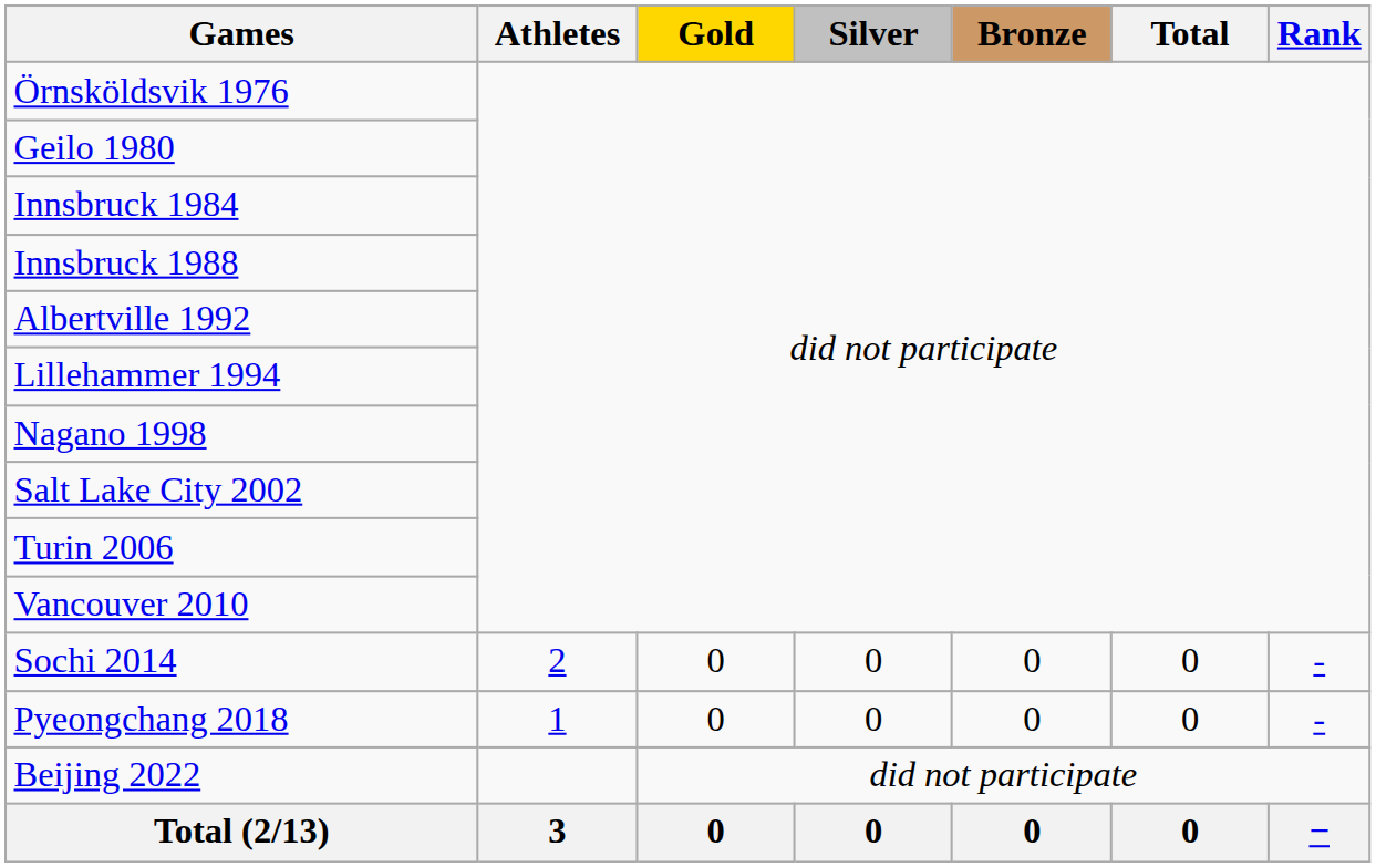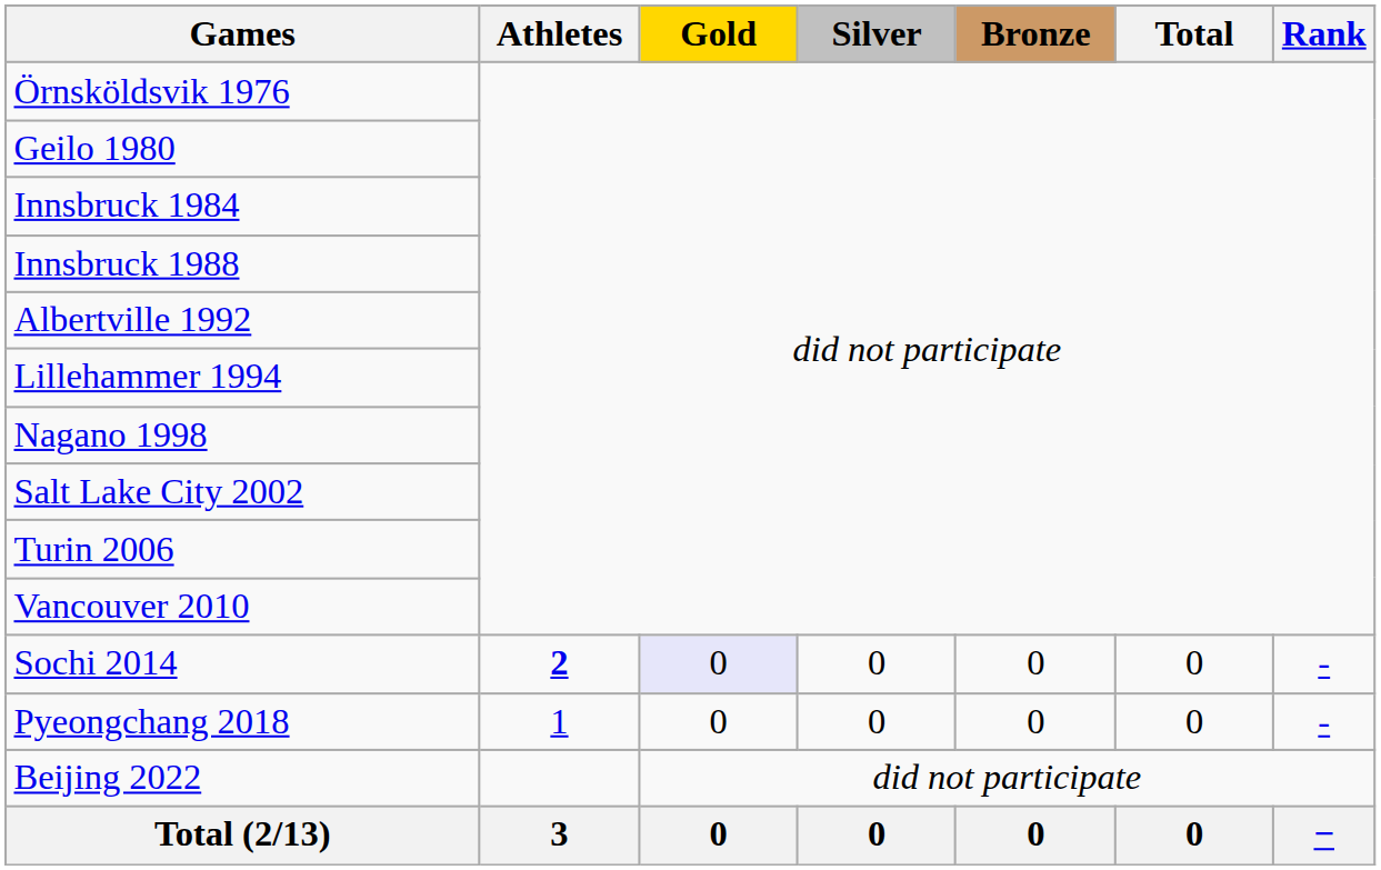 <table class="wikitable sortable" style="text-align:center; font-size:100%;">
 <tr>
 <th style="width:13em;">Games</th>
 <th style="width:4em;">Athletes</th>
 <th style="width:4em; background:gold;">Gold</th>
 <th style="width:4em; background:silver;">Silver</th>
 <th style="width:4em; background:#cc9966;">Bronze</th>
 <th style="width:4em;">Total</th>
 <th style="width:2em;"><a href='#'>Rank</a></th>
 </tr>
 <tr>
 <td align=left> <a href='#'>Örnsköldsvik 1976</a></td>
 <td colspan=6 rowspan=10><em>did not participate</em></td>
 </tr>
 <tr>
 <td align=left> <a href='#'>Geilo 1980</a></td>
 </tr>
 <tr>
 <td align=left> <a href='#'>Innsbruck 1984</a></td>
 </tr>
 <tr>
 <td align=left> <a href='#'>Innsbruck 1988</a></td>
 </tr>
 <tr>
 <td align=left> <a href='#'>Albertville 1992</a></td>
 </tr>
 <tr>
 <td align=left> <a href='#'>Lillehammer 1994</a></td>
 </tr>
 <tr>
 <td align=left> <a href='#'>Nagano 1998</a></td>
 </tr>
 <tr>
 <td align=left> <a href='#'>Salt Lake City 2002</a></td>
 </tr>
 <tr>
 <td align=left> <a href='#'>Turin 2006</a></td>
 </tr>
 <tr>
 <td align=left> <a href='#'>Vancouver 2010</a></td>
 </tr>
 <tr>
 <td align=left> <a href='#'>Sochi 2014</a></td>
-<td><a href='#'>2</a></td>
-<td>0</td>
+<td><strong><a href='#'>2</a></strong></td>
+<td style="background: lavender;">0</td>
 <td>0</td>
 <td>0</td>
 <td>0</td>
 <td><a href='#'>-</a></td>
 </tr>
 <tr>
 <td align=left> <a href='#'>Pyeongchang 2018</a></td>
 <td><a href='#'>1</a></td>
 <td>0</td>
 <td>0</td>
 <td>0</td>
 <td>0</td>
 <td><a href='#'>-</a></td>
 </tr>
 <tr>
 <td align=left> <a href='#'>Beijing 2022</a></td>
 <td></td>
 <td colspan=6><em>did not participate</em></td>
 </tr>
 <tr>
 <th colspan=1>Total (2/13)</th>
 <th>3</th>
 <th>0</th>
 <th>0</th>
 <th>0</th>
 <th>0</th>
 <th><a href='#'>−</a></th>
 </tr>
 </table>
